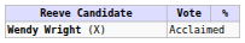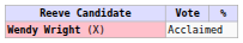 <table class="wikitable">
 <tr>
 <th style="background:#ddf; width:200px;">Reeve Candidate</th>
 <th style="background:#ddf; width:50px;">Vote</th>
 <th style="background:#ddf; width:30px;">%</th>
 </tr>
 <tr>
-<td><strong>Wendy Wright</strong> (X)</td>
+<td style="background: pink;"><strong>Wendy Wright</strong> (X)</td>
 <td colspan="2">Acclaimed</td>
 </tr>
 </table>
